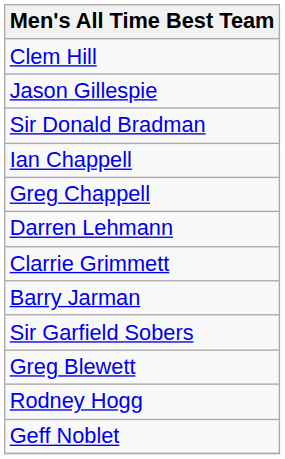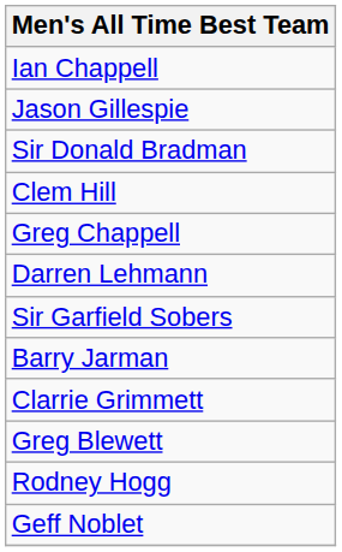 <table class="wikitable">
 <tr>
 <th>Men's All Time Best Team</th>
 </tr>
 <tr>
-<td><a href='#'>Clem Hill</a></td>
+<td><a href='#'>Ian Chappell</a></td>
 </tr>
 <tr>
 <td><a href='#'>Jason Gillespie</a></td>
 </tr>
 <tr>
 <td><a href='#'>Sir Donald Bradman</a></td>
 </tr>
 <tr>
-<td><a href='#'>Ian Chappell</a></td>
+<td><a href='#'>Clem Hill</a></td>
 </tr>
 <tr>
 <td><a href='#'>Greg Chappell</a></td>
 </tr>
 <tr>
 <td><a href='#'>Darren Lehmann</a></td>
 </tr>
 <tr>
-<td><a href='#'>Clarrie Grimmett</a></td>
+<td><a href='#'>Sir Garfield Sobers</a></td>
 </tr>
 <tr>
 <td><a href='#'>Barry Jarman</a></td>
 </tr>
 <tr>
-<td><a href='#'>Sir Garfield Sobers</a></td>
+<td><a href='#'>Clarrie Grimmett</a></td>
 </tr>
 <tr>
 <td><a href='#'>Greg Blewett</a></td>
 </tr>
 <tr>
 <td><a href='#'>Rodney Hogg</a></td>
 </tr>
 <tr>
 <td><a href='#'>Geff Noblet</a></td>
 </tr>
 <tr>
 </tr>
 </table>
